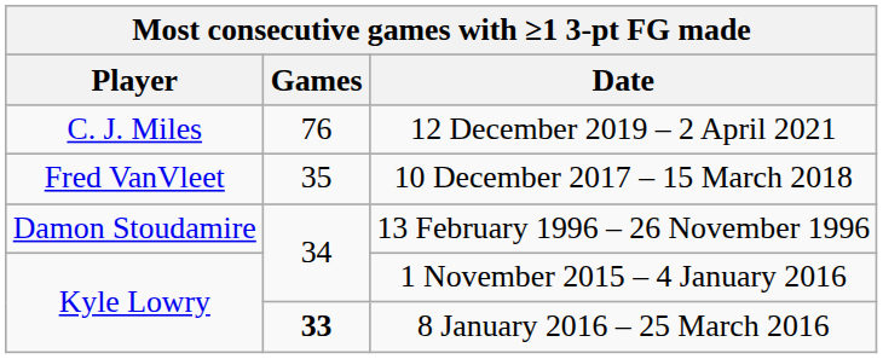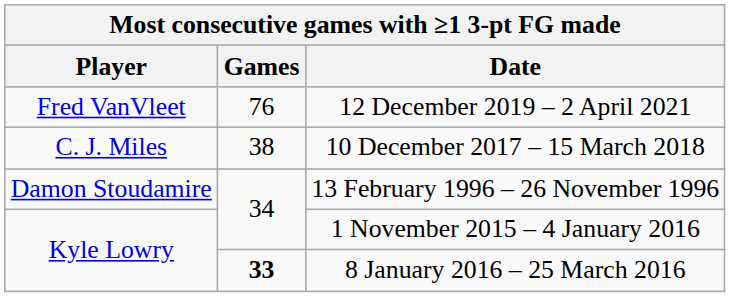 <table class="wikitable sortable" style="text-align:center">
 <tr>
 <th colspan="3">Most consecutive games with ≥1 3-pt FG made</th>
 </tr>
 <tr>
 <th>Player</th>
 <th>Games</th>
 <th>Date</th>
 </tr>
 <tr>
-<td><a href='#'>C. J. Miles</a></td>
+<td><a href='#'>Fred VanVleet</a></td>
 <td>76</td>
 <td>12 December 2019 – 2 April 2021</td>
 </tr>
 <tr>
-<td><a href='#'>Fred VanVleet</a></td>
-<td>35</td>
+<td><a href='#'>C. J. Miles</a></td>
+<td>38</td>
 <td>10 December 2017 – 15 March 2018</td>
 </tr>
 <tr>
 <td><a href='#'>Damon Stoudamire</a></td>
 <td rowspan=2>34</td>
 <td>13 February 1996 – 26 November 1996</td>
 </tr>
 <tr>
 <td rowspan=2><a href='#'>Kyle Lowry</a></td>
 <td>1 November 2015 – 4 January 2016</td>
 </tr>
 <tr>
 <td><strong>33</strong></td>
 <td>8 January 2016 – 25 March 2016</td>
 </tr>
 </table>
